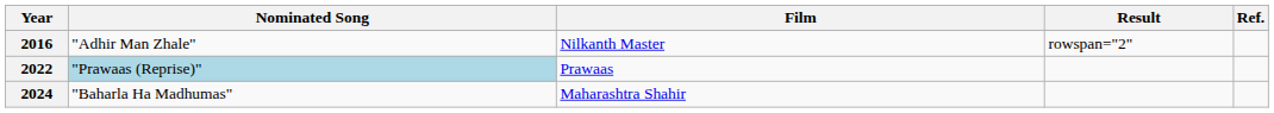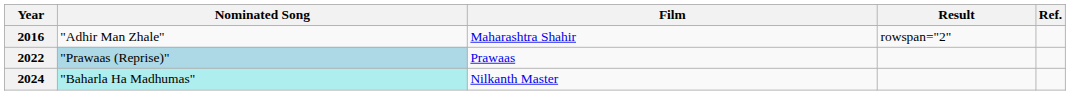 <table class="wikitable plainrowheaders" width="100%" textcolor:#000;">
 <tr>
 <th scope="col" width=5%><strong>Year</strong></th>
 <th scope="col" width=39%><strong>Nominated Song</strong></th>
 <th scope="col" width=39%><strong>Film</strong></th>
 <th scope="col" width=15%><strong>Result</strong></th>
 <th scope="col" width=2%><strong>Ref.</strong></th>
 </tr>
 <tr>
 <th scope="row">2016</th>
 <td>"Adhir Man Zhale"</td>
-<td><a href='#'>Nilkanth Master</a></td>
+<td><a href='#'>Maharashtra Shahir</a></td>
 <td>rowspan="2" </td>
 <td></td>
 </tr>
 <tr>
 <th scope="row">2022</th>
 <td style="background: lightblue;">"Prawaas (Reprise)"</td>
 <td><a href='#'>Prawaas</a></td>
 <td></td>
 </tr>
 <tr>
 <th scope="row">2024</th>
-<td>"Baharla Ha Madhumas"</td>
-<td><a href='#'>Maharashtra Shahir</a></td>
+<td style="background: paleturquoise;">"Baharla Ha Madhumas"</td>
+<td><a href='#'>Nilkanth Master</a></td>
 <td></td>
 <td></td>
 </tr>
 </table>
